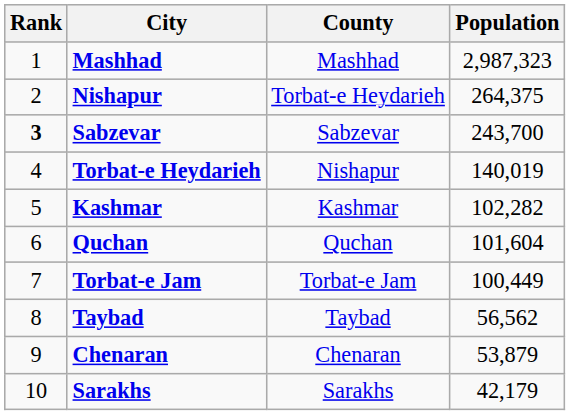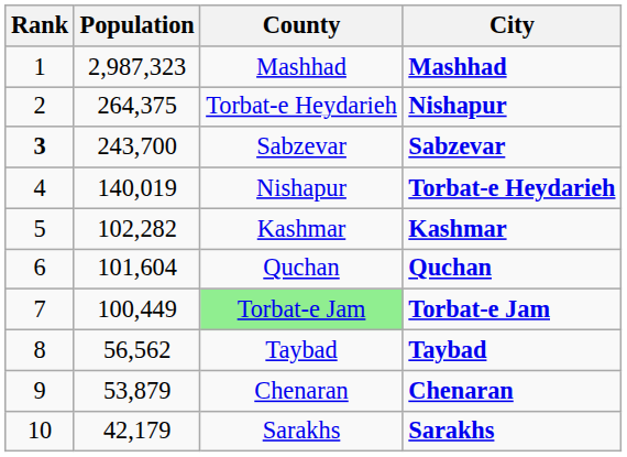 <table class="wikitable" style="text-align:center; font-size:90%">
 <tr>
 <th>Rank</th>
+<th>Population</th>
+<th>County</th>
 <th>City</th>
-<th>County</th>
-<th>Population</th>
 </tr>
 <tr>
 <td style="text-align:center;">1</td>
+<td>2,987,323</td>
+<td><a href='#'>Mashhad</a></td>
 <td align="left"><strong><a href='#'>Mashhad</a></strong></td>
-<td><a href='#'>Mashhad</a></td>
-<td>2,987,323</td>
 </tr>
 <tr>
 <td style="text-align:center;">2</td>
+<td>264,375</td>
+<td><a href='#'>Torbat-e Heydarieh</a></td>
 <td align="left"><strong><a href='#'>Nishapur</a></strong></td>
-<td><a href='#'>Torbat-e Heydarieh</a></td>
-<td>264,375</td>
 </tr>
 <tr>
 <td style="text-align:center;"><strong>3</strong></td>
+<td>243,700</td>
+<td><a href='#'>Sabzevar</a></td>
 <td align="left"><strong><a href='#'>Sabzevar</a></strong></td>
-<td><a href='#'>Sabzevar</a></td>
-<td>243,700</td>
 </tr>
 <tr>
 <td style="text-align:center;">4</td>
+<td>140,019</td>
+<td><a href='#'>Nishapur</a></td>
 <td align="left"><strong><a href='#'>Torbat-e Heydarieh</a></strong></td>
-<td><a href='#'>Nishapur</a></td>
-<td>140,019</td>
 </tr>
 <tr>
 <td style="text-align:center;">5</td>
+<td>102,282</td>
+<td><a href='#'>Kashmar</a></td>
 <td align="left"><strong><a href='#'>Kashmar</a></strong></td>
-<td><a href='#'>Kashmar</a></td>
-<td>102,282</td>
 </tr>
 <tr>
 <td style="text-align:center;">6</td>
+<td>101,604</td>
+<td><a href='#'>Quchan</a></td>
 <td align="left"><strong><a href='#'>Quchan</a></strong></td>
-<td><a href='#'>Quchan</a></td>
-<td>101,604</td>
 </tr>
 <tr>
 <td style="text-align:center;">7</td>
+<td>100,449</td>
+<td style="background: lightgreen;"><a href='#'>Torbat-e Jam</a></td>
 <td align="left"><strong><a href='#'>Torbat-e Jam</a></strong></td>
-<td><a href='#'>Torbat-e Jam</a></td>
-<td>100,449</td>
 </tr>
 <tr>
 <td style="text-align:center;">8</td>
+<td>56,562</td>
+<td><a href='#'>Taybad</a></td>
 <td align="left"><strong><a href='#'>Taybad</a></strong></td>
-<td><a href='#'>Taybad</a></td>
-<td>56,562</td>
 </tr>
 <tr>
 <td style="text-align:center;">9</td>
+<td>53,879</td>
+<td><a href='#'>Chenaran</a></td>
 <td align="left"><strong><a href='#'>Chenaran</a></strong></td>
-<td><a href='#'>Chenaran</a></td>
-<td>53,879</td>
 </tr>
 <tr>
 <td style="text-align:center;">10</td>
+<td>42,179</td>
+<td><a href='#'>Sarakhs</a></td>
 <td align="left"><strong><a href='#'>Sarakhs</a></strong></td>
-<td><a href='#'>Sarakhs</a></td>
-<td>42,179</td>
 </tr>
 </table>
